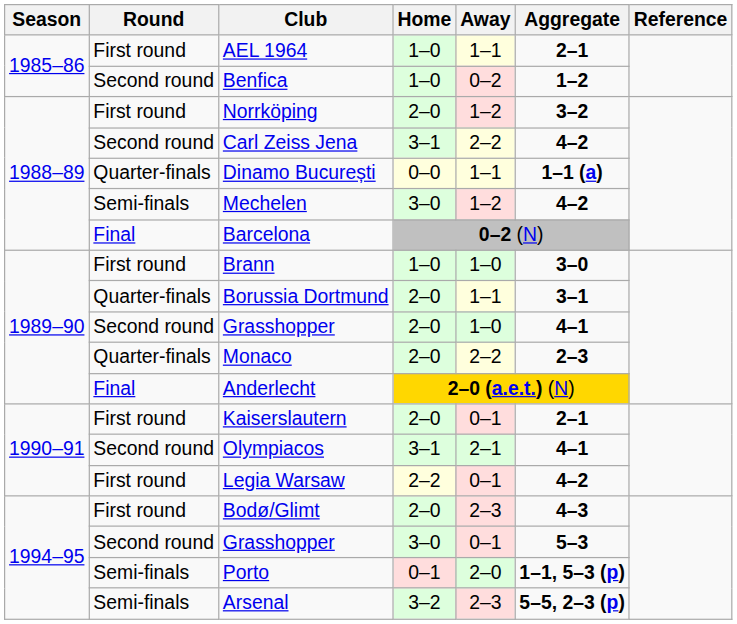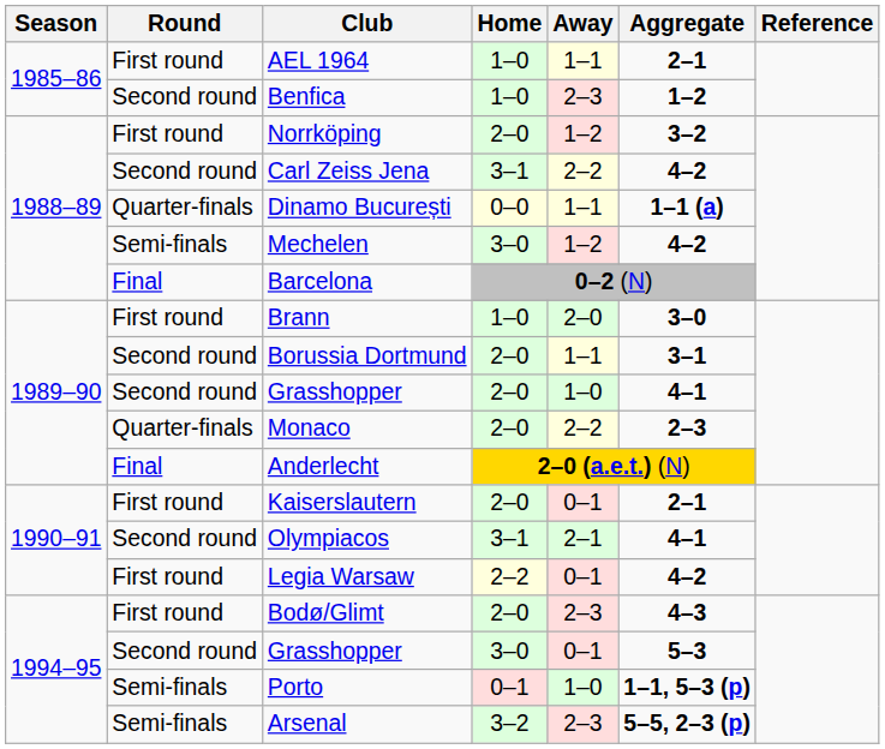 <table class="wikitable">
 <tr>
 <th>Season</th>
 <th>Round</th>
 <th>Club</th>
 <th>Home</th>
 <th>Away</th>
 <th>Aggregate</th>
 <th>Reference</th>
 </tr>
 <tr>
 <td rowspan=2><a href='#'>1985–86</a></td>
 <td>First round</td>
 <td> <a href='#'>AEL 1964</a></td>
 <td style="text-align:center; background:#dfd;">1–0</td>
 <td style="text-align:center; background:#ffd;">1–1</td>
 <td style="text-align:center;"><strong>2–1</strong></td>
 <td rowspan=2 style="text-align:center;"></td>
 </tr>
 <tr>
 <td>Second round</td>
 <td> <a href='#'>Benfica</a></td>
 <td style="text-align:center; background:#dfd;">1–0</td>
-<td style="text-align:center; background:#fdd;">0–2</td>
+<td style="text-align:center; background:#fdd;">2–3</td>
 <td style="text-align:center;"><strong>1–2</strong></td>
 </tr>
 <tr>
 <td rowspan=5><a href='#'>1988–89</a></td>
 <td>First round</td>
 <td> <a href='#'>Norrköping</a></td>
 <td style="text-align:center; background:#dfd;">2–0</td>
 <td style="text-align:center; background:#fdd;">1–2</td>
 <td style="text-align:center;"><strong>3–2</strong></td>
 <td rowspan=5 style="text-align:center;"></td>
 </tr>
 <tr>
 <td>Second round</td>
 <td> <a href='#'>Carl Zeiss Jena</a></td>
 <td style="text-align:center; background:#dfd;">3–1</td>
 <td style="text-align:center; background:#ffd;">2–2</td>
 <td style="text-align:center;"><strong>4–2</strong></td>
 </tr>
 <tr>
 <td>Quarter-finals</td>
 <td> <a href='#'>Dinamo București</a></td>
 <td style="text-align:center; background:#ffd;">0–0</td>
 <td style="text-align:center; background:#ffd;">1–1</td>
 <td style="text-align:center;"><strong>1–1 (<a href='#'>a</a>)</strong></td>
 </tr>
 <tr>
 <td>Semi-finals</td>
 <td> <a href='#'>Mechelen</a></td>
 <td style="text-align:center; background:#dfd;">3–0</td>
 <td style="text-align:center; background:#fdd;">1–2</td>
 <td style="text-align:center;"><strong>4–2</strong></td>
 </tr>
 <tr>
 <td><a href='#'>Final</a></td>
 <td> <a href='#'>Barcelona</a></td>
 <td colspan=3 bgcolor=Silver style="text-align:center;"><strong>0–2</strong> (<a href='#'>N</a>)</td>
 </tr>
 <tr>
 <td rowspan=5><a href='#'>1989–90</a></td>
 <td>First round</td>
 <td> <a href='#'>Brann</a></td>
 <td style="text-align:center; background:#dfd;">1–0</td>
-<td style="text-align:center; background:#dfd;">1–0</td>
+<td style="text-align:center; background:#dfd;">2–0</td>
 <td style="text-align:center;"><strong>3–0</strong></td>
 <td rowspan=5 style="text-align:center;"></td>
 </tr>
 <tr>
-<td>Quarter-finals</td>
+<td>Second round</td>
 <td> <a href='#'>Borussia Dortmund</a></td>
 <td style="text-align:center; background:#dfd;">2–0</td>
 <td style="text-align:center; background:#ffd;">1–1</td>
 <td style="text-align:center;"><strong>3–1</strong></td>
 </tr>
 <tr>
 <td>Second round</td>
 <td> <a href='#'>Grasshopper</a></td>
 <td style="text-align:center; background:#dfd;">2–0</td>
 <td style="text-align:center; background:#dfd;">1–0</td>
 <td style="text-align:center;"><strong>4–1</strong></td>
 </tr>
 <tr>
 <td>Quarter-finals</td>
 <td> <a href='#'>Monaco</a></td>
 <td style="text-align:center; background:#dfd;">2–0</td>
 <td style="text-align:center; background:#ffd;">2–2</td>
 <td style="text-align:center;"><strong>2–3</strong></td>
 </tr>
 <tr>
 <td><a href='#'>Final</a></td>
 <td> <a href='#'>Anderlecht</a></td>
 <td colspan=3 bgcolor=Gold style="text-align:center;"><strong>2–0 (<a href='#'>a.e.t.</a>)</strong> (<a href='#'>N</a>)</td>
 </tr>
 <tr>
 <td rowspan=3><a href='#'>1990–91</a></td>
 <td>First round</td>
 <td> <a href='#'>Kaiserslautern</a></td>
 <td style="text-align:center; background:#dfd;">2–0</td>
 <td style="text-align:center; background:#fdd;">0–1</td>
 <td style="text-align:center;"><strong>2–1</strong></td>
 <td rowspan=3 style="text-align:center;"></td>
 </tr>
 <tr>
 <td>Second round</td>
 <td> <a href='#'>Olympiacos</a></td>
 <td style="text-align:center; background:#dfd;">3–1</td>
 <td style="text-align:center; background:#dfd;">2–1</td>
 <td style="text-align:center;"><strong>4–1</strong></td>
 </tr>
 <tr>
 <td>First round</td>
 <td> <a href='#'>Legia Warsaw</a></td>
 <td style="text-align:center; background:#ffd;">2–2</td>
 <td style="text-align:center; background:#fdd;">0–1</td>
 <td style="text-align:center;"><strong>4–2</strong></td>
 </tr>
 <tr>
 <td rowspan=4><a href='#'>1994–95</a></td>
 <td>First round</td>
 <td> <a href='#'>Bodø/Glimt</a></td>
 <td style="text-align:center; background:#dfd;">2–0</td>
 <td style="text-align:center; background:#fdd;">2–3</td>
 <td style="text-align:center;"><strong>4–3</strong></td>
 <td rowspan=4 style="text-align:center;"></td>
 </tr>
 <tr>
 <td>Second round</td>
 <td> <a href='#'>Grasshopper</a></td>
 <td style="text-align:center; background:#dfd;">3–0</td>
 <td style="text-align:center; background:#fdd;">0–1</td>
 <td style="text-align:center;"><strong>5–3</strong></td>
 </tr>
 <tr>
 <td>Semi-finals</td>
 <td> <a href='#'>Porto</a></td>
 <td style="text-align:center; background:#fdd;">0–1</td>
-<td style="text-align:center; background:#dfd;">2–0</td>
+<td style="text-align:center; background:#dfd;">1–0</td>
 <td style="text-align:center;"><strong>1–1, 5–3 (<a href='#'>p</a>)</strong></td>
 </tr>
 <tr>
 <td>Semi-finals</td>
 <td> <a href='#'>Arsenal</a></td>
 <td style="text-align:center; background:#dfd;">3–2</td>
 <td style="text-align:center; background:#fdd;">2–3</td>
 <td style="text-align:center;"><strong>5–5, 2–3 (<a href='#'>p</a>)</strong></td>
 </tr>
 </table>
